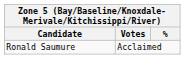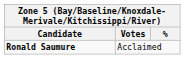 <table class="wikitable">
 <tr>
 <th colspan="3">Zone 5  (Bay/Baseline/Knoxdale-Merivale/Kitchissippi/River)</th>
 </tr>
 <tr>
 <th style="width: 170px">Candidate</th>
 <th style="width: 50px">Votes</th>
 <th style="width: 40px">%</th>
 </tr>
 <tr>
-<td>Ronald Saumure</td>
+<td><strong>Ronald Saumure</strong></td>
 <td colspan="2">Acclaimed</td>
 </tr>
 </table>
